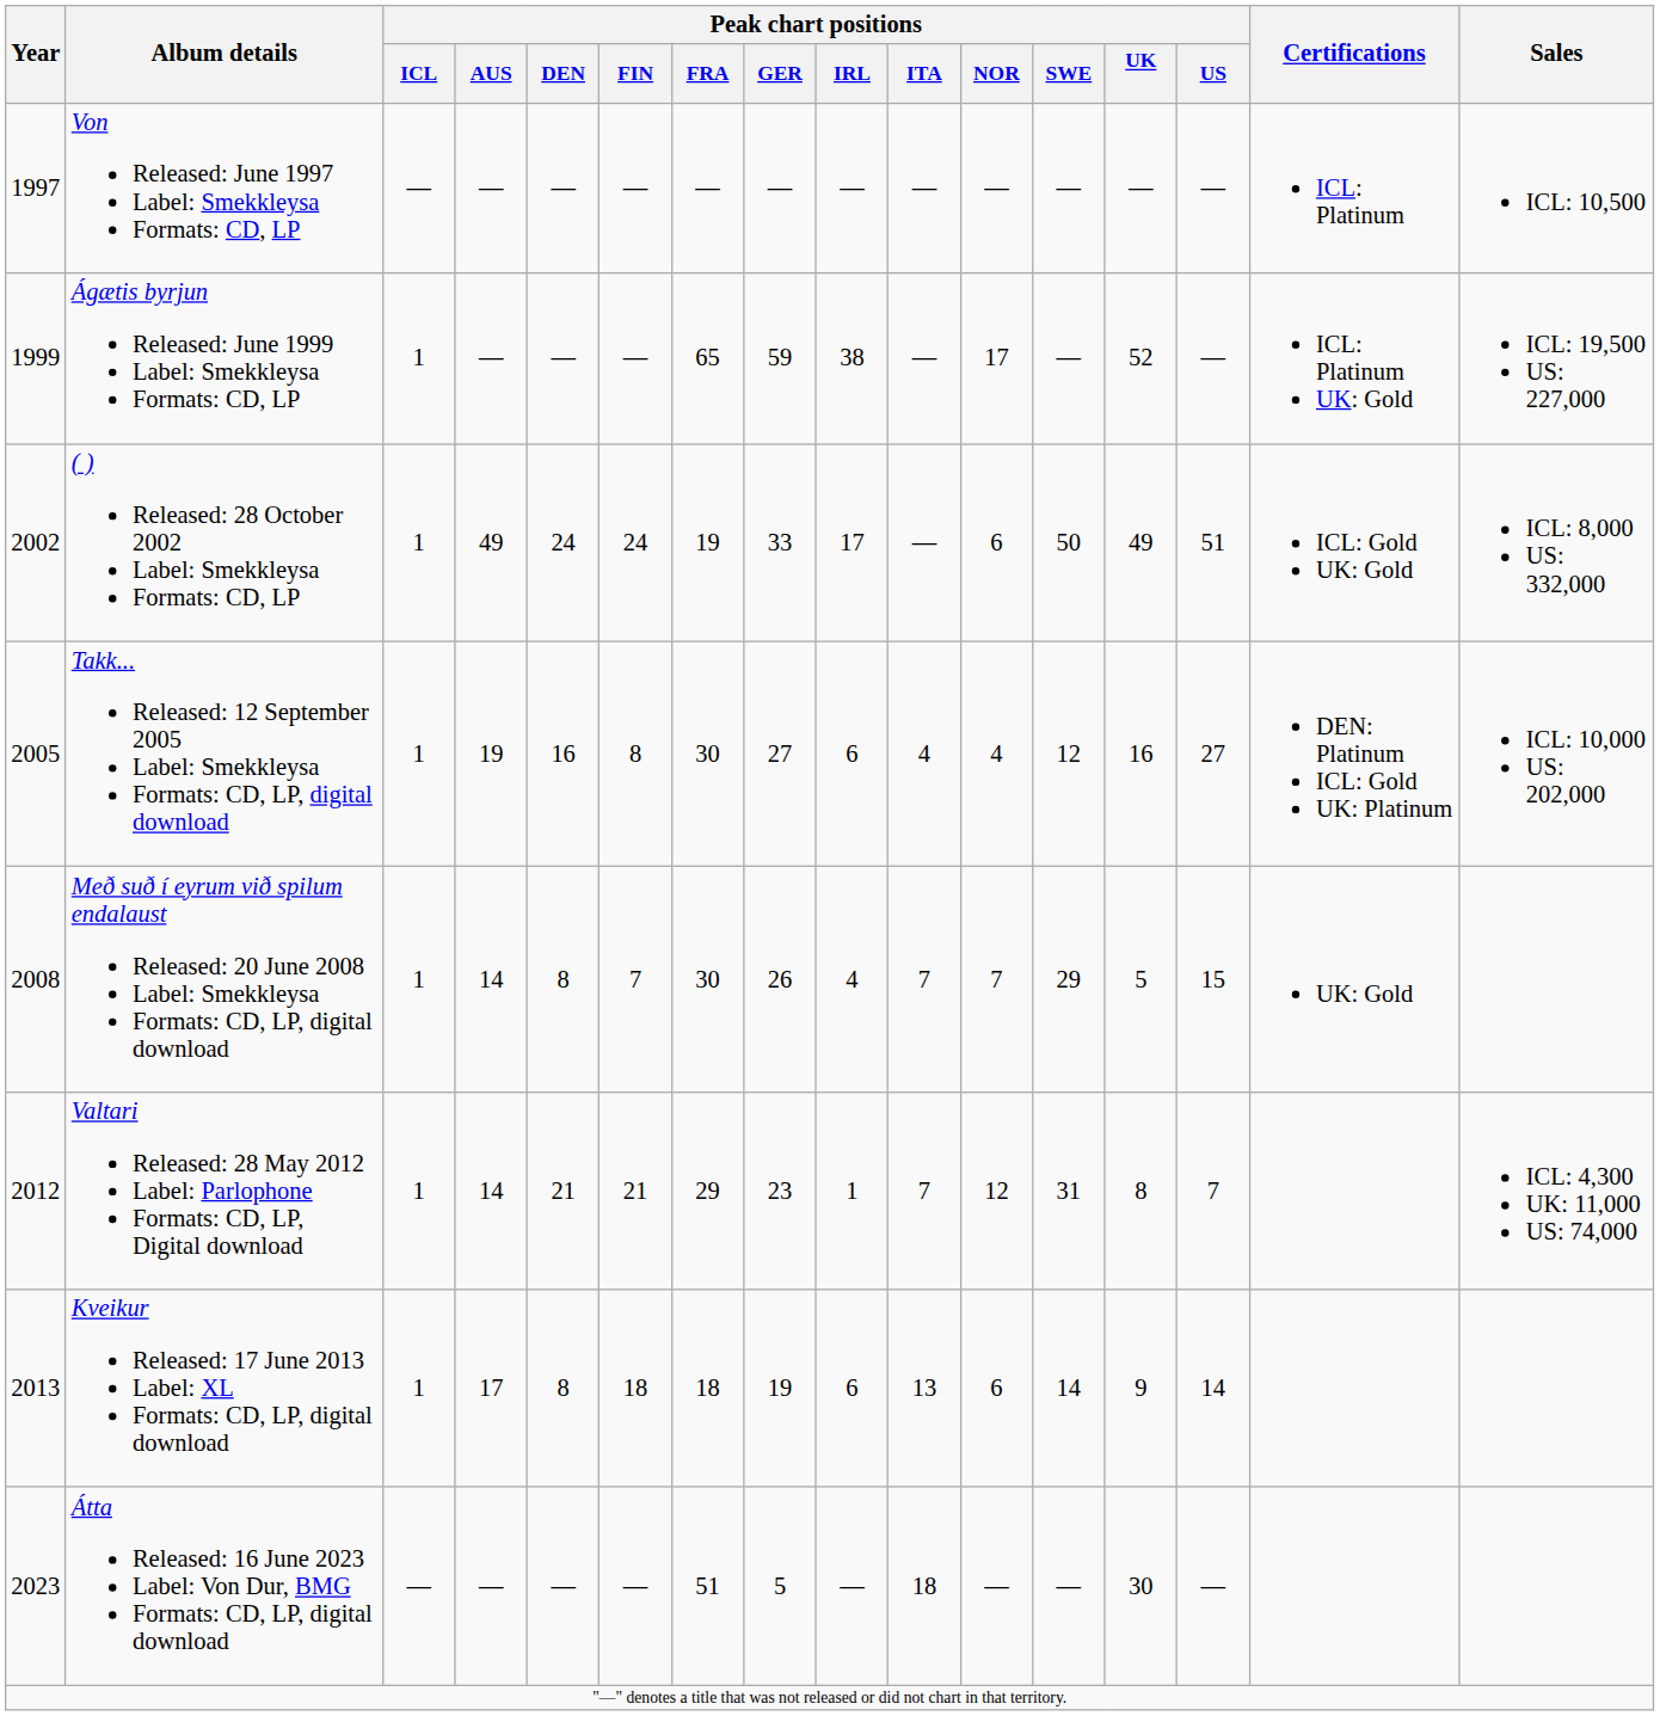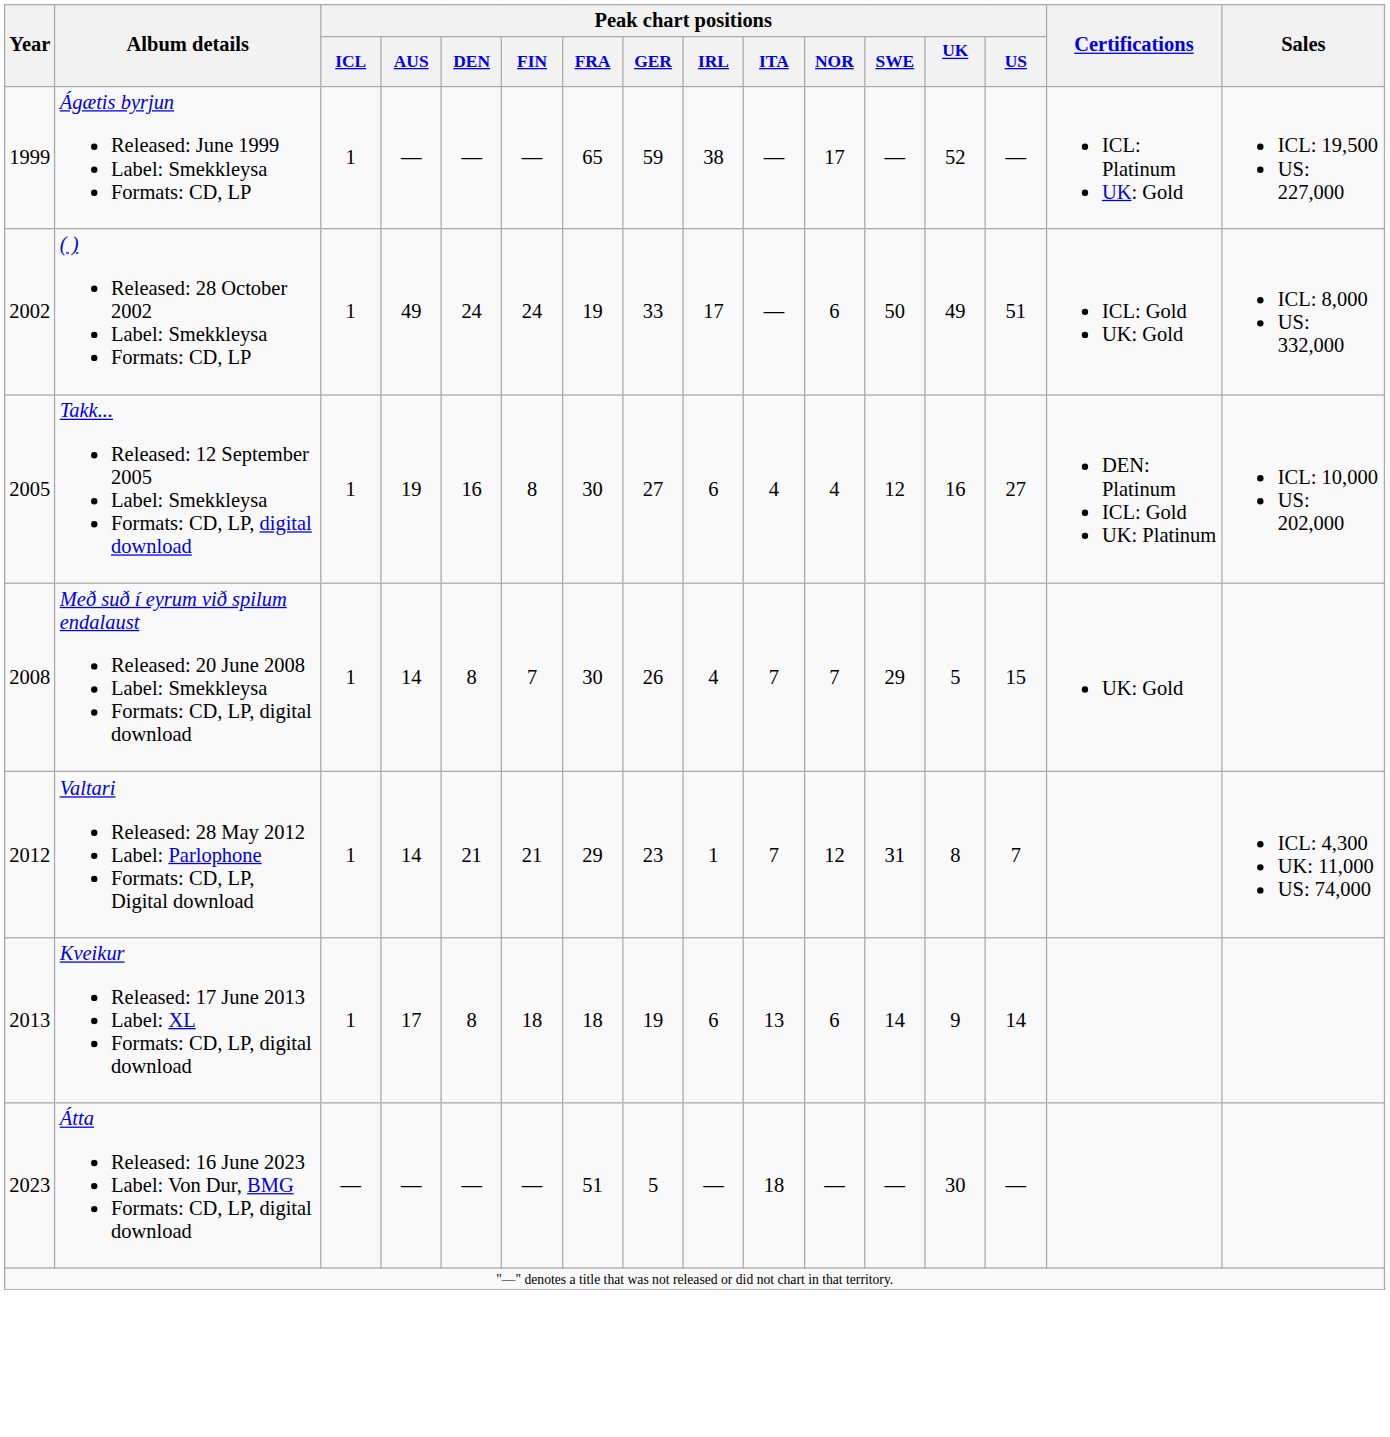 <table class="wikitable">
 <tr>
 <th rowspan="2">Year</th>
 <th rowspan="2" style="width:200px;">Album details</th>
 <th colspan="12">Peak chart positions</th>
 <th style="width:130px;" rowspan="2"><a href='#'>Certifications</a></th>
 <th style="width:120px;" rowspan="2">Sales</th>
 </tr>
 <tr>
 <th style="width:3em;font-size:85%;"><a href='#'>ICL</a><br></th>
 <th style="width:3em;font-size:85%;"><a href='#'>AUS</a><br></th>
 <th style="width:3em;font-size:85%;"><a href='#'>DEN</a><br></th>
 <th style="width:3em;font-size:85%;"><a href='#'>FIN</a><br></th>
 <th style="width:3em;font-size:85%;"><a href='#'>FRA</a><br></th>
 <th style="width:3em;font-size:85%;"><a href='#'>GER</a><br></th>
 <th style="width:3em;font-size:85%;"><a href='#'>IRL</a><br></th>
 <th style="width:3em;font-size:85%;"><a href='#'>ITA</a><br></th>
 <th style="width:3em;font-size:85%;"><a href='#'>NOR</a><br></th>
 <th style="width:3em;font-size:85%;"><a href='#'>SWE</a><br></th>
 <th style="width:3em;font-size:85%;"><a href='#'>UK</a><br><br></th>
 <th style="width:3em;font-size:85%;"><a href='#'>US</a><br></th>
-</tr>
-<tr>
-<td style="text-align:center;">1997</td>
-<td><em><a href='#'>Von</a></em><br><ul><li>Released: June 1997</li><li>Label: <a href='#'>Smekkleysa</a></li><li>Formats: <a href='#'>CD</a>, <a href='#'>LP</a></li></ul></td>
-<td style="text-align:center;">—</td>
-<td style="text-align:center;">—</td>
-<td style="text-align:center;">—</td>
-<td style="text-align:center;">—</td>
-<td style="text-align:center;">—</td>
-<td style="text-align:center;">—</td>
-<td style="text-align:center;">—</td>
-<td style="text-align:center;">—</td>
-<td style="text-align:center;">—</td>
-<td style="text-align:center;">—</td>
-<td style="text-align:center;">—</td>
-<td style="text-align:center;">—</td>
-<td><br><ul><li><a href='#'>ICL</a>: Platinum</li></ul></td>
-<td><br><ul><li>ICL: 10,500</li></ul></td>
 </tr>
 <tr>
 <td style="text-align:center;">1999</td>
 <td><em><a href='#'>Ágætis byrjun</a></em><br><ul><li>Released: June 1999</li><li>Label: Smekkleysa</li><li>Formats: CD, LP</li></ul></td>
 <td style="text-align:center;">1</td>
 <td style="text-align:center;">—</td>
 <td style="text-align:center;">—</td>
 <td style="text-align:center;">—</td>
 <td style="text-align:center;">65</td>
 <td style="text-align:center;">59</td>
 <td style="text-align:center;">38</td>
 <td style="text-align:center;">—</td>
 <td style="text-align:center;">17</td>
 <td style="text-align:center;">—</td>
 <td style="text-align:center;">52</td>
 <td style="text-align:center;">—</td>
 <td><br><ul><li>ICL: Platinum</li><li><a href='#'>UK</a>: Gold</li></ul></td>
 <td><br><ul><li>ICL: 19,500</li><li>US: 227,000</li></ul></td>
 </tr>
 <tr>
 <td style="text-align:center;">2002</td>
 <td><em><a href='#'>( )</a></em><br><ul><li>Released: 28 October 2002</li><li>Label: Smekkleysa</li><li>Formats: CD, LP</li></ul></td>
 <td style="text-align:center;">1</td>
 <td style="text-align:center;">49</td>
 <td style="text-align:center;">24</td>
 <td style="text-align:center;">24</td>
 <td style="text-align:center;">19</td>
 <td style="text-align:center;">33</td>
 <td style="text-align:center;">17</td>
 <td style="text-align:center;">—</td>
 <td style="text-align:center;">6</td>
 <td style="text-align:center;">50</td>
 <td style="text-align:center;">49</td>
 <td style="text-align:center;">51</td>
 <td><br><ul><li>ICL: Gold</li><li>UK: Gold</li></ul></td>
 <td><br><ul><li>ICL: 8,000</li><li>US: 332,000</li></ul></td>
 </tr>
 <tr>
 <td style="text-align:center;">2005</td>
 <td><em><a href='#'>Takk...</a></em><br><ul><li>Released: 12 September 2005</li><li>Label: Smekkleysa</li><li>Formats: CD, LP, <a href='#'>digital download</a></li></ul></td>
 <td style="text-align:center;">1</td>
 <td style="text-align:center;">19</td>
 <td style="text-align:center;">16</td>
 <td style="text-align:center;">8</td>
 <td style="text-align:center;">30</td>
 <td style="text-align:center;">27</td>
 <td style="text-align:center;">6</td>
 <td style="text-align:center;">4</td>
 <td style="text-align:center;">4</td>
 <td style="text-align:center;">12</td>
 <td style="text-align:center;">16</td>
 <td style="text-align:center;">27</td>
 <td><br><ul><li>DEN: Platinum</li><li>ICL: Gold</li><li>UK: Platinum</li></ul></td>
 <td><br><ul><li>ICL: 10,000</li><li>US: 202,000</li></ul></td>
 </tr>
 <tr>
 <td style="text-align:center;">2008</td>
 <td><em><a href='#'>Með suð í eyrum við spilum endalaust</a></em><br><ul><li>Released: 20 June 2008</li><li>Label: Smekkleysa</li><li>Formats: CD, LP, digital download</li></ul></td>
 <td style="text-align:center;">1</td>
 <td style="text-align:center;">14</td>
 <td style="text-align:center;">8</td>
 <td style="text-align:center;">7</td>
 <td style="text-align:center;">30</td>
 <td style="text-align:center;">26</td>
 <td style="text-align:center;">4</td>
 <td style="text-align:center;">7</td>
 <td style="text-align:center;">7</td>
 <td style="text-align:center;">29</td>
 <td style="text-align:center;">5</td>
 <td style="text-align:center;">15</td>
 <td><br><ul><li>UK: Gold</li></ul></td>
 <td></td>
 </tr>
 <tr>
 <td style="text-align:center;">2012</td>
 <td><em><a href='#'>Valtari</a></em><br><ul><li>Released: 28 May 2012</li><li>Label: <a href='#'>Parlophone</a></li><li>Formats: CD, LP, Digital download</li></ul></td>
 <td style="text-align:center;">1</td>
 <td style="text-align:center;">14</td>
 <td style="text-align:center;">21</td>
 <td style="text-align:center;">21</td>
 <td style="text-align:center;">29</td>
 <td style="text-align:center;">23</td>
 <td style="text-align:center;">1</td>
 <td style="text-align:center;">7</td>
 <td style="text-align:center;">12</td>
 <td style="text-align:center;">31</td>
 <td style="text-align:center;">8</td>
 <td style="text-align:center;">7</td>
 <td></td>
 <td><br><ul><li>ICL: 4,300</li><li>UK: 11,000</li><li>US: 74,000</li></ul></td>
 </tr>
 <tr>
 <td style="text-align:center;">2013</td>
 <td><em><a href='#'>Kveikur</a></em><br><ul><li>Released: 17 June 2013</li><li>Label: <a href='#'>XL</a></li><li>Formats: CD, LP, digital download</li></ul></td>
 <td style="text-align:center;">1</td>
 <td style="text-align:center;">17</td>
 <td style="text-align:center;">8</td>
 <td style="text-align:center;">18</td>
 <td style="text-align:center;">18</td>
 <td style="text-align:center;">19</td>
 <td style="text-align:center;">6</td>
 <td style="text-align:center;">13</td>
 <td style="text-align:center;">6</td>
 <td style="text-align:center;">14</td>
 <td style="text-align:center;">9</td>
 <td style="text-align:center;">14</td>
 <td></td>
 <td></td>
 </tr>
 <tr>
 <td style="text-align:center;">2023</td>
 <td><em><a href='#'>Átta</a></em><br><ul><li>Released: 16 June 2023</li><li>Label: Von Dur, <a href='#'>BMG</a></li><li>Formats: CD, LP, digital download</li></ul></td>
 <td style="text-align:center;">—</td>
 <td style="text-align:center;">—</td>
 <td style="text-align:center;">—</td>
 <td style="text-align:center;">—</td>
 <td style="text-align:center;">51<br></td>
 <td style="text-align:center;">5</td>
 <td style="text-align:center;">—</td>
 <td style="text-align:center;">18<br></td>
 <td style="text-align:center;">—</td>
 <td style="text-align:center;">—</td>
 <td style="text-align:center;">30</td>
 <td style="text-align:center;">—</td>
 <td></td>
 <td></td>
 </tr>
 <tr>
 <td colspan="16" style="text-align:center; font-size:8pt;">"—" denotes a title that was not released or did not chart in that territory.</td>
 </tr>
 </table>
